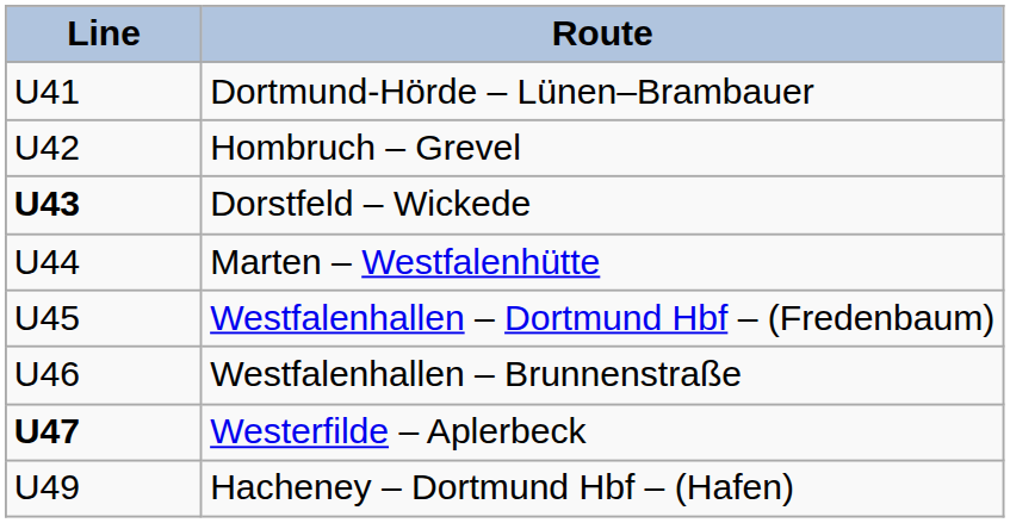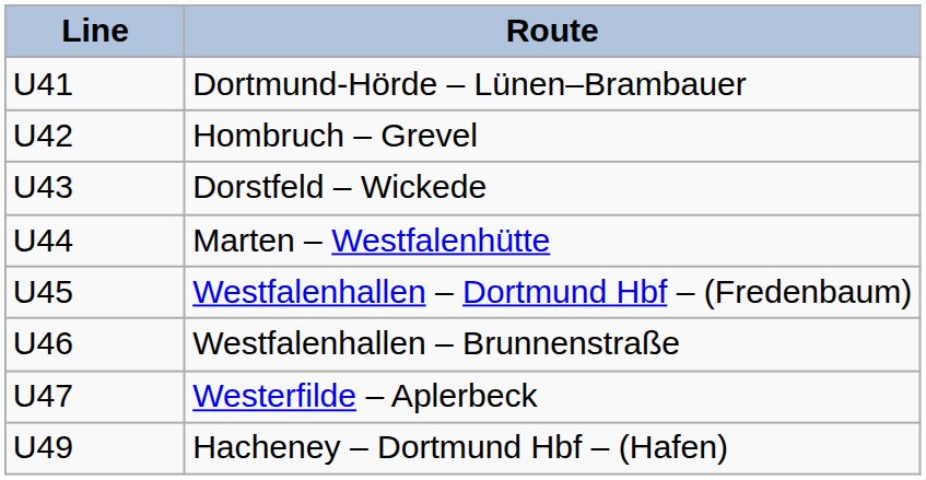 <table class="wikitable">
 <tr>
 <th style="background: lightsteelblue;" width="80px">Line</th>
 <th style="background: lightsteelblue;">Route</th>
 </tr>
 <tr>
 <td style="background-color:#">U41</td>
 <td>Dortmund-Hörde – Lünen–Brambauer</td>
 </tr>
 <tr>
 <td style="background-color:#">U42</td>
 <td>Hombruch – Grevel</td>
 </tr>
 <tr>
-<td style="background-color:#"><strong>U43</strong></td>
+<td style="background-color:#">U43</td>
 <td>Dorstfeld – Wickede</td>
 </tr>
 <tr>
 <td style="background-color:#">U44</td>
 <td>Marten – <a href='#'>Westfalenhütte</a></td>
 </tr>
 <tr>
 <td style="background-color:#">U45</td>
 <td><a href='#'>Westfalenhallen</a> – <a href='#'>Dortmund Hbf</a> – (Fredenbaum)</td>
 </tr>
 <tr>
 <td style="background-color:#">U46</td>
 <td>Westfalenhallen – Brunnenstraße</td>
 </tr>
 <tr>
-<td style="background-color:#"><strong>U47</strong></td>
+<td style="background-color:#">U47</td>
 <td><a href='#'>Westerfilde</a> – Aplerbeck</td>
 </tr>
 <tr>
 <td style="background-color:#">U49</td>
 <td>Hacheney – Dortmund Hbf – (Hafen)</td>
 </tr>
 </table>
